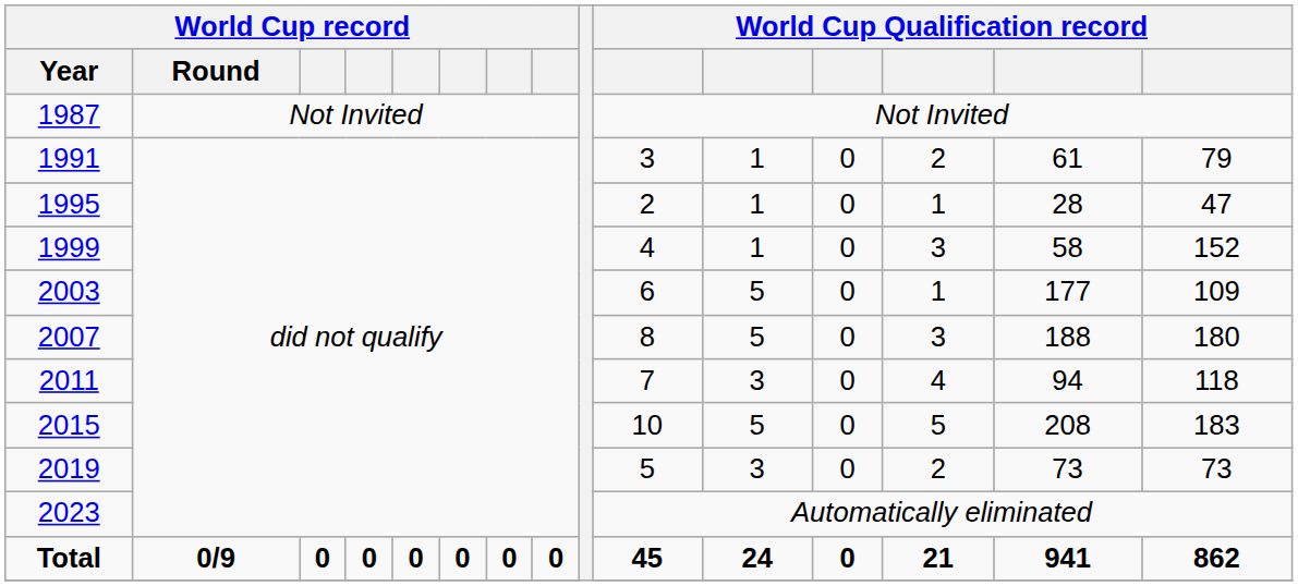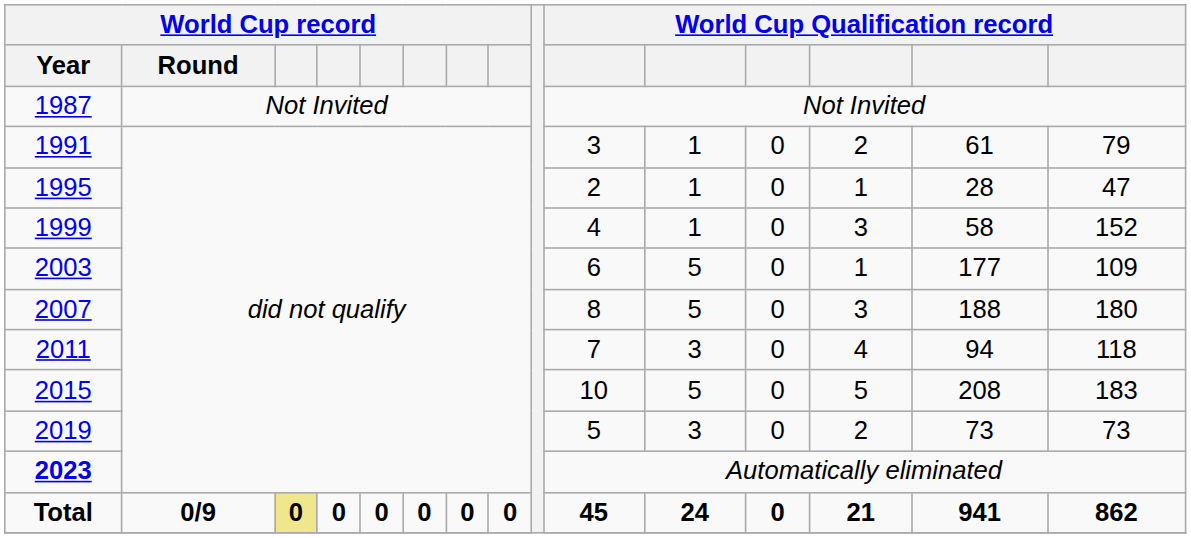 <table class="wikitable" style="text-align: center;">
 <tr>
 <th colspan=8><a href='#'>World Cup record</a></th>
 <th width=1% rowspan=25></th>
 <th colspan=6><a href='#'>World Cup Qualification record</a></th>
 </tr>
 <tr>
 <th>Year</th>
 <th>Round</th>
 <th></th>
 <th></th>
 <th></th>
 <th></th>
 <th></th>
 <th></th>
 <th></th>
 <th></th>
 <th></th>
 <th></th>
 <th></th>
 <th></th>
 </tr>
 <tr>
 <td> <a href='#'>1987</a></td>
 <td colspan=7><em>Not Invited</em></td>
 <td colspan=6><em>Not Invited</em></td>
 </tr>
 <tr>
 <td> <a href='#'>1991</a></td>
 <td rowspan=9 colspan=7><em>did not qualify</em></td>
 <td>3</td>
 <td>1</td>
 <td>0</td>
 <td>2</td>
 <td>61</td>
 <td>79</td>
 </tr>
 <tr>
 <td> <a href='#'>1995</a></td>
 <td>2</td>
 <td>1</td>
 <td>0</td>
 <td>1</td>
 <td>28</td>
 <td>47</td>
 </tr>
 <tr>
 <td> <a href='#'>1999</a></td>
 <td>4</td>
 <td>1</td>
 <td>0</td>
 <td>3</td>
 <td>58</td>
 <td>152</td>
 </tr>
 <tr>
 <td> <a href='#'>2003</a></td>
 <td>6</td>
 <td>5</td>
 <td>0</td>
 <td>1</td>
 <td>177</td>
 <td>109</td>
 </tr>
 <tr>
 <td> <a href='#'>2007</a></td>
 <td>8</td>
 <td>5</td>
 <td>0</td>
 <td>3</td>
 <td>188</td>
 <td>180</td>
 </tr>
 <tr>
 <td> <a href='#'>2011</a></td>
 <td>7</td>
 <td>3</td>
 <td>0</td>
 <td>4</td>
 <td>94</td>
 <td>118</td>
 </tr>
 <tr>
 <td> <a href='#'>2015</a></td>
 <td>10</td>
 <td>5</td>
 <td>0</td>
 <td>5</td>
 <td>208</td>
 <td>183</td>
 </tr>
 <tr>
 <td> <a href='#'>2019</a></td>
 <td>5</td>
 <td>3</td>
 <td>0</td>
 <td>2</td>
 <td>73</td>
 <td>73</td>
 </tr>
 <tr>
-<td> <a href='#'>2023</a></td>
+<td><strong> <a href='#'>2023</a></strong></td>
 <td colspan=6><em>Automatically eliminated</em></td>
 </tr>
 <tr>
 <td><strong>Total</strong></td>
 <td><strong>0/9</strong></td>
-<td><strong>0</strong></td>
+<td style="background: khaki;"><strong>0</strong></td>
 <td><strong>0</strong></td>
 <td><strong>0</strong></td>
 <td><strong>0</strong></td>
 <td><strong>0</strong></td>
 <td><strong>0</strong></td>
 <td><strong>45</strong></td>
 <td><strong>24</strong></td>
 <td><strong>0</strong></td>
 <td><strong>21</strong></td>
 <td><strong>941</strong></td>
 <td><strong>862</strong></td>
 </tr>
 <tr>
 </tr>
 </table>
